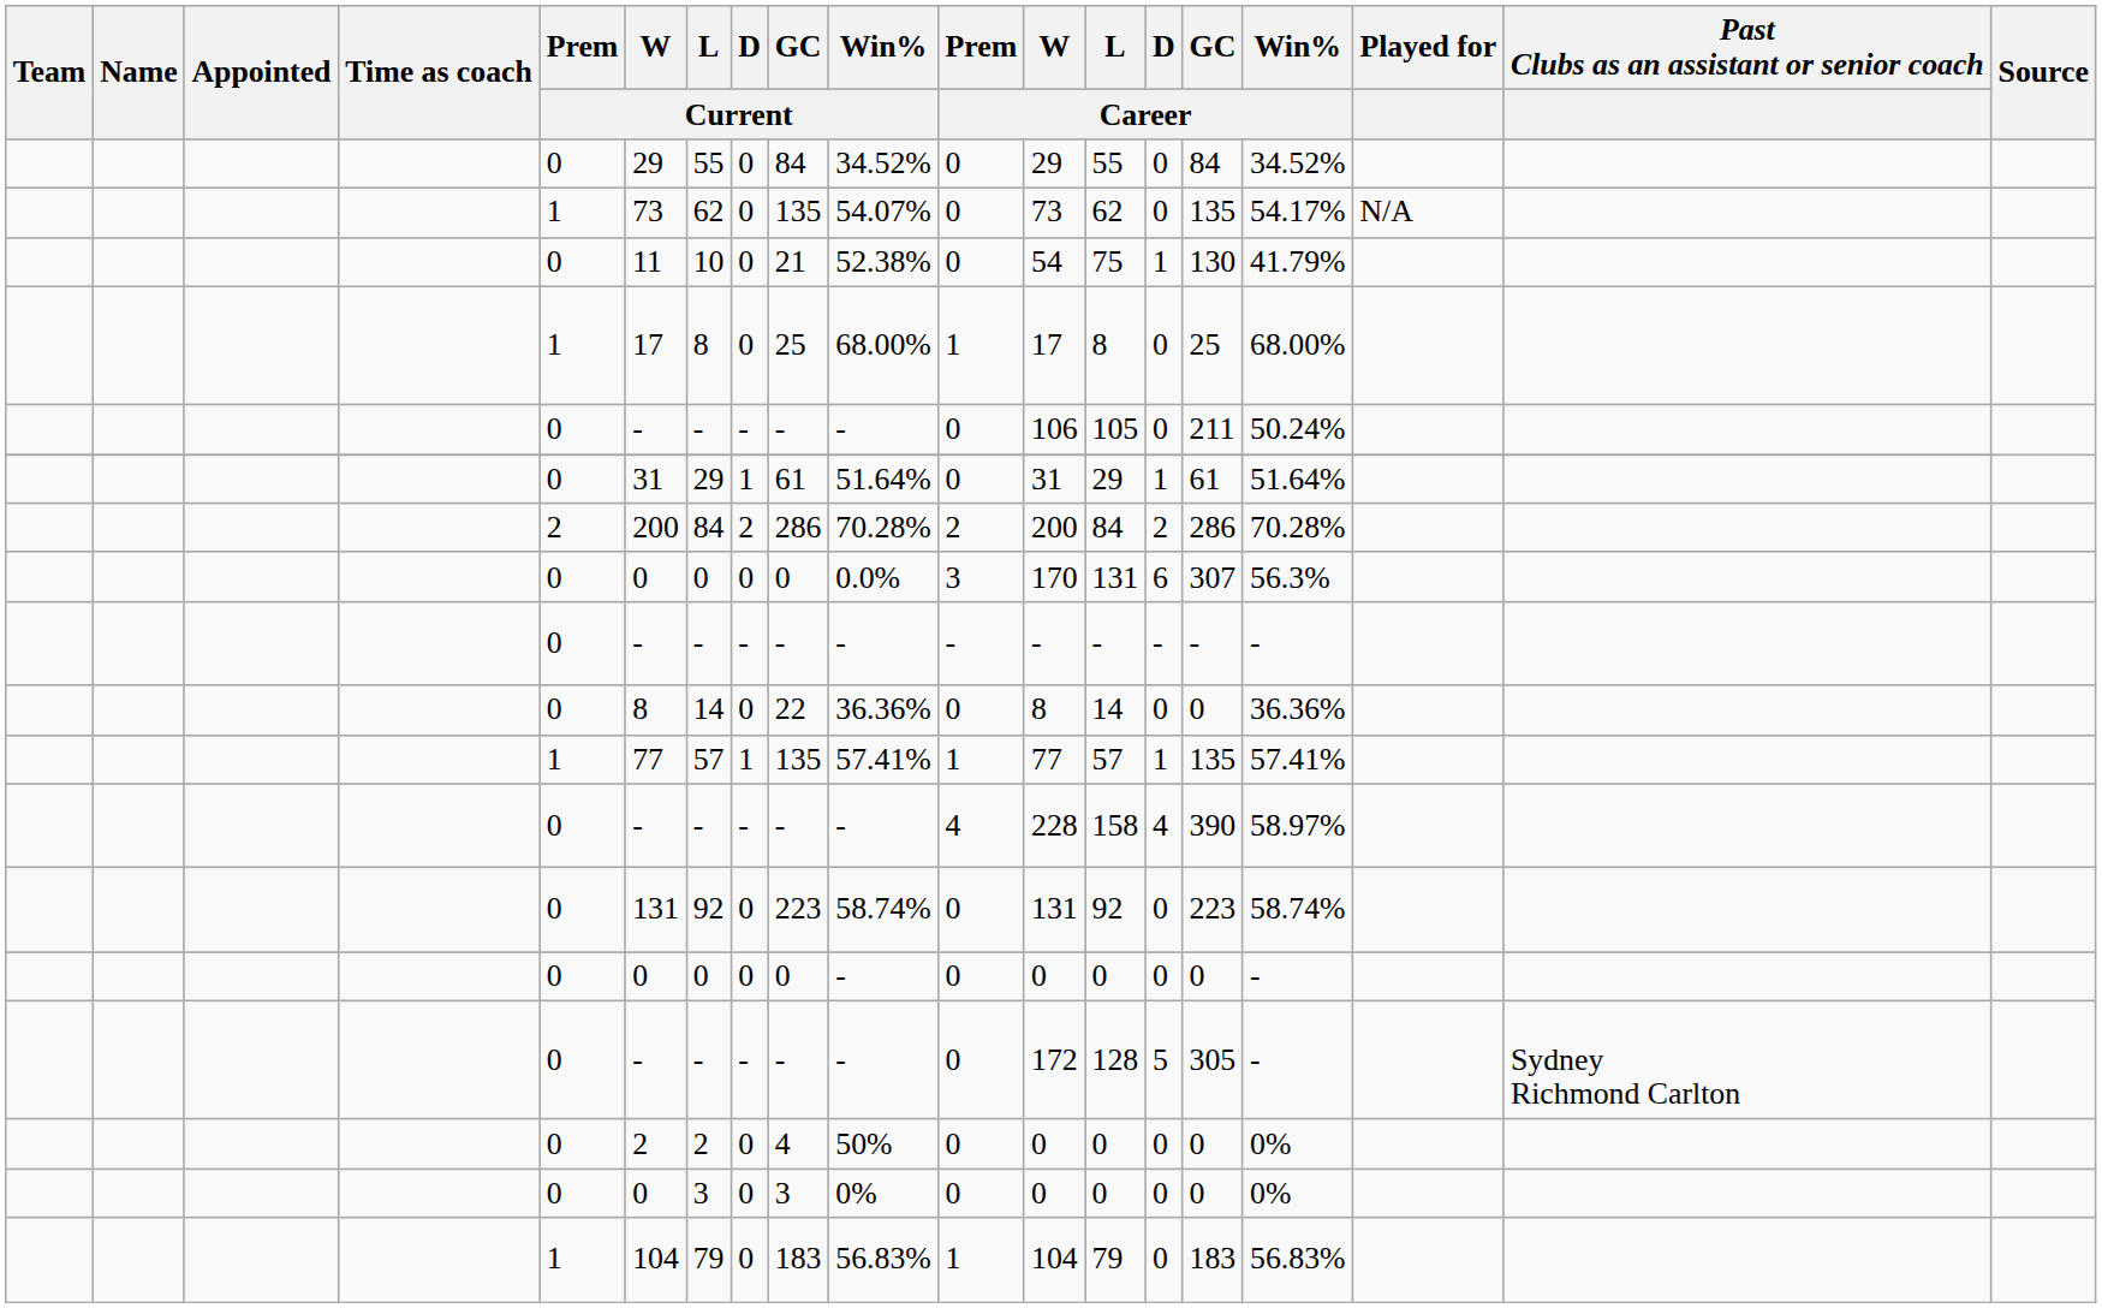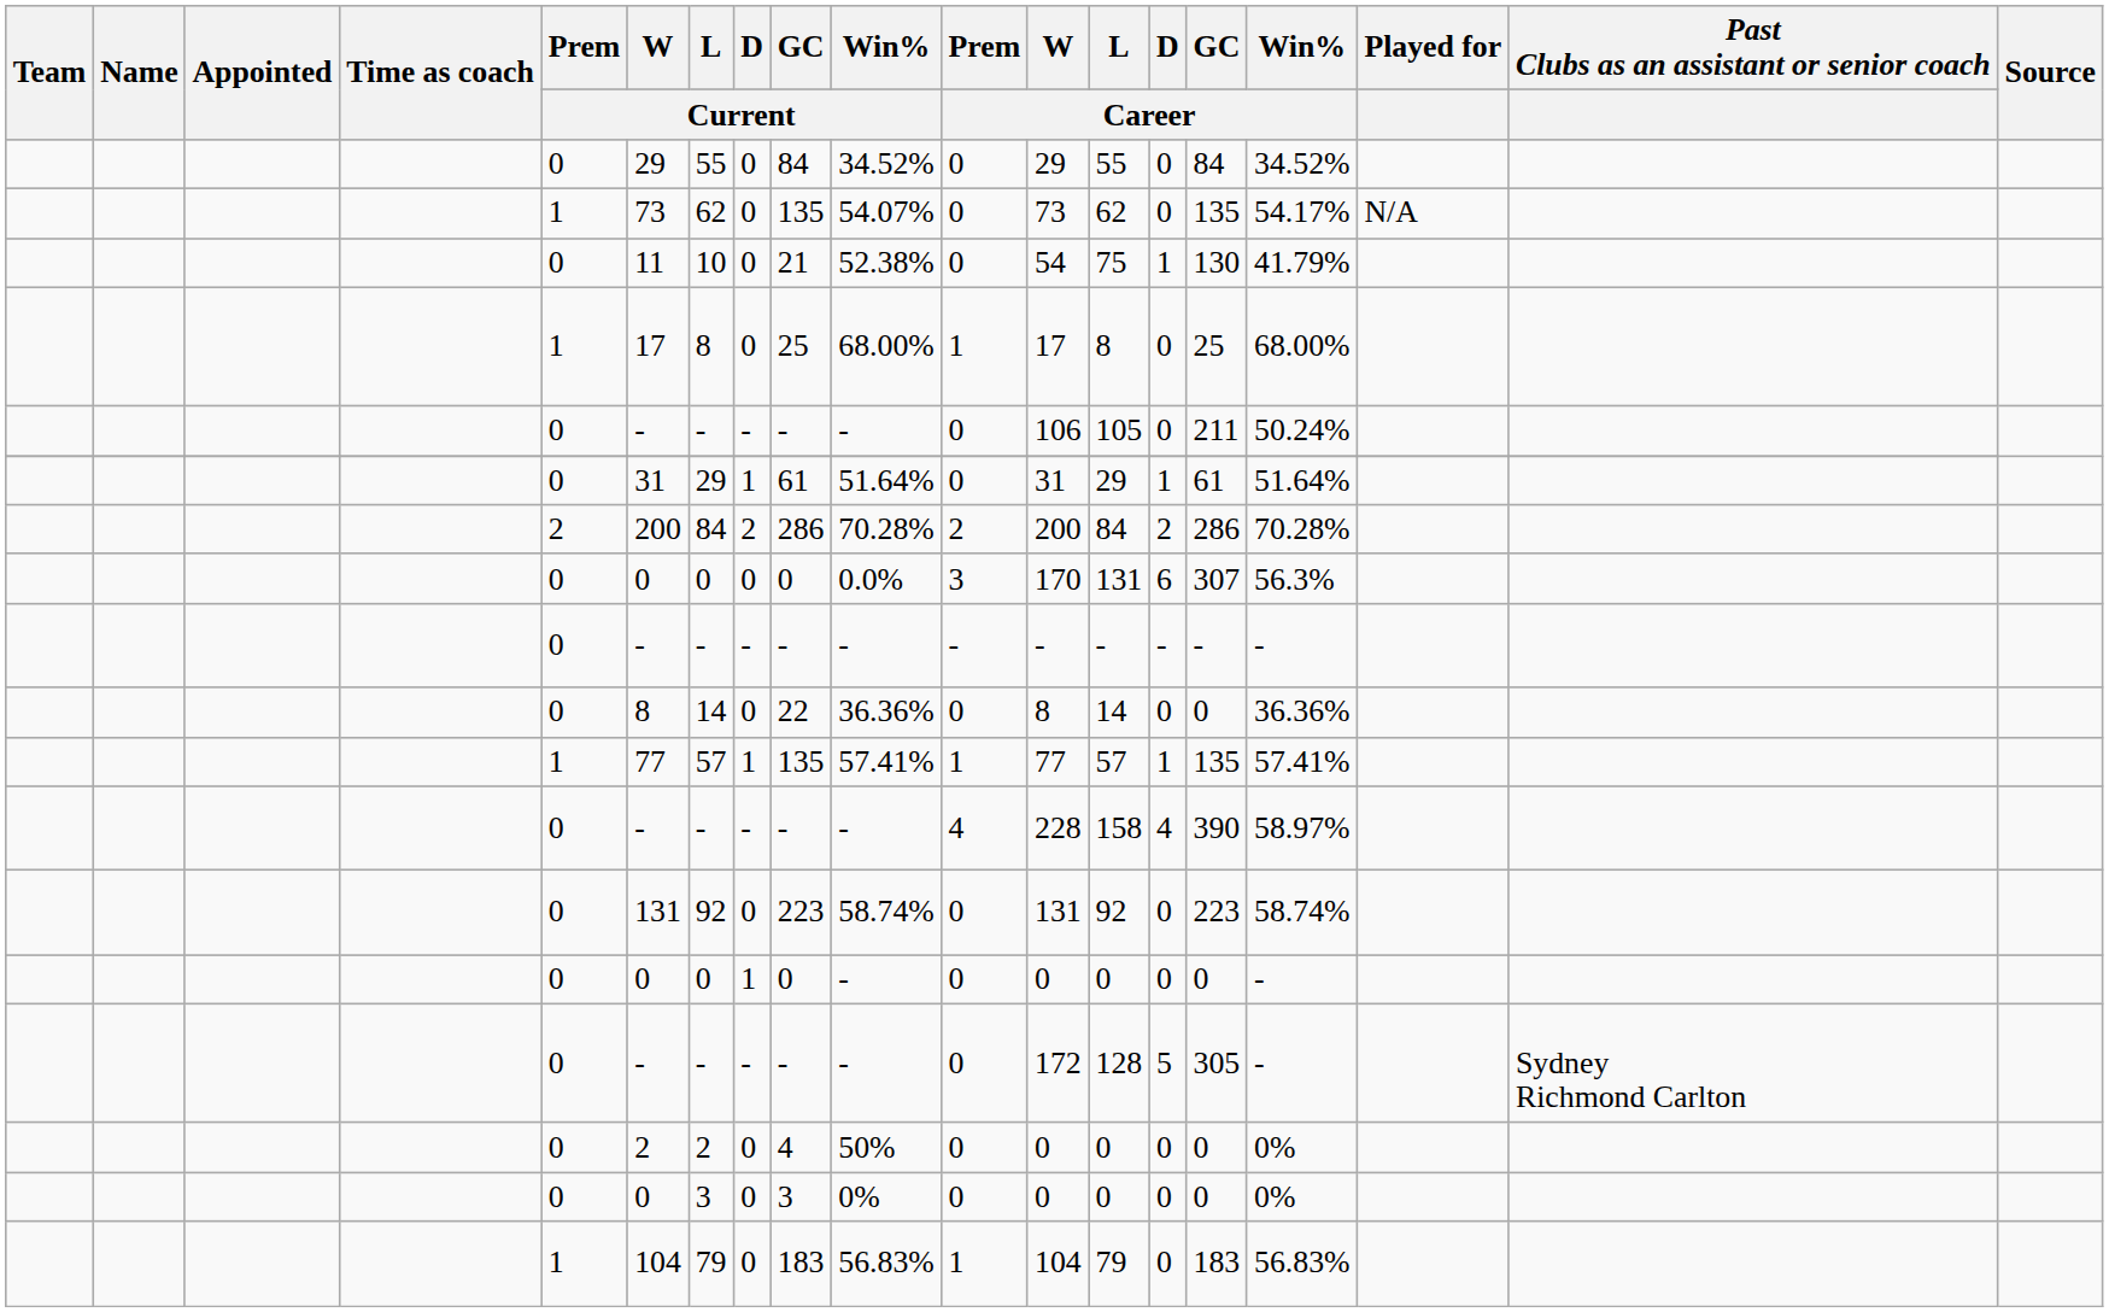 <table class="wikitable sortable">
 <tr>
 <th scope="col" rowspan=2>Team</th>
 <th scope="col" rowspan=2>Name</th>
 <th scope="col" rowspan=2>Appointed</th>
 <th scope="col" rowspan=2>Time as coach</th>
 <th scope="col">Prem</th>
 <th scope="col">W</th>
 <th scope="col">L</th>
 <th scope="col">D</th>
 <th scope="col">GC</th>
 <th scope="col">Win%</th>
 <th scope="col">Prem</th>
 <th scope="col">W</th>
 <th scope="col">L</th>
 <th scope="col">D</th>
 <th scope="col">GC</th>
 <th scope="col">Win%</th>
 <th>Played for</th>
 <th><strong><em>Past</em></strong><br><strong><em>Clubs as an assistant or senior coach</em></strong></th>
 <th scope="col" rowspan=2 class="unsortable">Source</th>
 </tr>
 <tr class="unsortable">
 <th scope="col" colspan="6">Current</th>
 <th scope="col" colspan="6">Career</th>
 <th></th>
 <th></th>
 </tr>
 <tr>
 <td></td>
 <td></td>
 <td></td>
 <td></td>
 <td>0</td>
 <td>29</td>
 <td>55</td>
 <td>0</td>
 <td>84</td>
 <td>34.52%</td>
 <td>0</td>
 <td>29</td>
 <td>55</td>
 <td>0</td>
 <td>84</td>
 <td>34.52%</td>
 <td></td>
 <td><br></td>
 <td></td>
 </tr>
 <tr>
 <td></td>
 <td></td>
 <td></td>
 <td></td>
 <td>1</td>
 <td>73</td>
 <td>62</td>
 <td>0</td>
 <td>135</td>
 <td>54.07%</td>
 <td>0</td>
 <td>73</td>
 <td>62</td>
 <td>0</td>
 <td>135</td>
 <td>54.17%</td>
 <td>N/A</td>
 <td><br></td>
 <td></td>
 </tr>
 <tr>
 <td></td>
 <td></td>
 <td></td>
 <td></td>
 <td>0</td>
 <td>11</td>
 <td>10</td>
 <td>0</td>
 <td>21</td>
 <td>52.38%</td>
 <td>0</td>
 <td>54</td>
 <td>75</td>
 <td>1</td>
 <td>130</td>
 <td>41.79%</td>
 <td><br></td>
 <td><br></td>
 <td></td>
 </tr>
 <tr>
 <td></td>
 <td></td>
 <td></td>
 <td></td>
 <td>1</td>
 <td>17</td>
 <td>8</td>
 <td>0</td>
 <td>25</td>
 <td>68.00%</td>
 <td>1</td>
 <td>17</td>
 <td>8</td>
 <td>0</td>
 <td>25</td>
 <td>68.00%</td>
 <td><br></td>
 <td><br><br><br></td>
 <td></td>
 </tr>
 <tr>
 <td></td>
 <td></td>
 <td></td>
 <td></td>
 <td>0</td>
 <td>-</td>
 <td>-</td>
 <td>-</td>
 <td>-</td>
 <td>-</td>
 <td>0</td>
 <td>106</td>
 <td>105</td>
 <td>0</td>
 <td>211</td>
 <td>50.24%</td>
 <td><br></td>
 <td><br></td>
 </tr>
 <tr>
 </tr>
 <tr>
 <td></td>
 <td></td>
 <td></td>
 <td></td>
 <td>0</td>
 <td>31</td>
 <td>29</td>
 <td>1</td>
 <td>61</td>
 <td>51.64%</td>
 <td>0</td>
 <td>31</td>
 <td>29</td>
 <td>1</td>
 <td>61</td>
 <td>51.64%</td>
 <td></td>
 <td><br></td>
 <td></td>
 </tr>
 <tr>
 <td></td>
 <td></td>
 <td></td>
 <td></td>
 <td>2</td>
 <td>200</td>
 <td>84</td>
 <td>2</td>
 <td>286</td>
 <td>70.28%</td>
 <td>2</td>
 <td>200</td>
 <td>84</td>
 <td>2</td>
 <td>286</td>
 <td>70.28%</td>
 <td><br></td>
 <td></td>
 <td></td>
 </tr>
 <tr>
 <td></td>
 <td></td>
 <td></td>
 <td></td>
 <td>0</td>
 <td>0</td>
 <td>0</td>
 <td>0</td>
 <td>0</td>
 <td>0.0%</td>
 <td>3</td>
 <td>170</td>
 <td>131</td>
 <td>6</td>
 <td>307</td>
 <td>56.3%</td>
 <td><br></td>
 <td></td>
 <td></td>
 </tr>
 <tr>
 <td></td>
 <td></td>
 <td></td>
 <td></td>
 <td>0</td>
 <td>-</td>
 <td>-</td>
 <td>-</td>
 <td>-</td>
 <td>-</td>
 <td>-</td>
 <td>-</td>
 <td>-</td>
 <td>-</td>
 <td>-</td>
 <td>-</td>
 <td></td>
 <td><br><br></td>
 <td></td>
 </tr>
 <tr>
 <td></td>
 <td></td>
 <td></td>
 <td></td>
 <td>0</td>
 <td>8</td>
 <td>14</td>
 <td>0</td>
 <td>22</td>
 <td>36.36%</td>
 <td>0</td>
 <td>8</td>
 <td>14</td>
 <td>0</td>
 <td>0</td>
 <td>36.36%</td>
 <td><br></td>
 <td><br></td>
 <td></td>
 </tr>
 <tr>
 <td></td>
 <td></td>
 <td></td>
 <td></td>
 <td>1</td>
 <td>77</td>
 <td>57</td>
 <td>1</td>
 <td>135</td>
 <td>57.41%</td>
 <td>1</td>
 <td>77</td>
 <td>57</td>
 <td>1</td>
 <td>135</td>
 <td>57.41%</td>
 <td></td>
 <td></td>
 <td></td>
 </tr>
 <tr>
 <td></td>
 <td></td>
 <td></td>
 <td></td>
 <td>0</td>
 <td>-</td>
 <td>-</td>
 <td>-</td>
 <td>-</td>
 <td>-</td>
 <td>4</td>
 <td>228</td>
 <td>158</td>
 <td>4</td>
 <td>390</td>
 <td>58.97%</td>
 <td><br></td>
 <td><br><br></td>
 <td></td>
 </tr>
 <tr>
 <td></td>
 <td></td>
 <td></td>
 <td></td>
 <td>0</td>
 <td>131</td>
 <td>92</td>
 <td>0</td>
 <td>223</td>
 <td>58.74%</td>
 <td>0</td>
 <td>131</td>
 <td>92</td>
 <td>0</td>
 <td>223</td>
 <td>58.74%</td>
 <td><br></td>
 <td><br><br></td>
 <td></td>
 </tr>
 <tr>
 <td></td>
 <td></td>
 <td></td>
 <td></td>
 <td>0</td>
 <td>0</td>
 <td>0</td>
-<td>0</td>
+<td>1</td>
 <td>0</td>
 <td>-</td>
 <td>0</td>
 <td>0</td>
 <td>0</td>
 <td>0</td>
 <td>0</td>
 <td>-</td>
 <td></td>
 <td><br></td>
 </tr>
 <tr>
 <td></td>
 <td></td>
 <td></td>
 <td></td>
 <td>0</td>
 <td>-</td>
 <td>-</td>
 <td>-</td>
 <td>-</td>
 <td>-</td>
 <td>0</td>
 <td>172</td>
 <td>128</td>
 <td>5</td>
 <td>305</td>
 <td>-</td>
 <td><br></td>
 <td><br>Sydney<br>Richmond Carlton</td>
 <td></td>
 </tr>
 <tr>
 <td></td>
 <td></td>
 <td></td>
 <td></td>
 <td>0</td>
 <td>2</td>
 <td>2</td>
 <td>0</td>
 <td>4</td>
 <td>50%</td>
 <td>0</td>
 <td>0</td>
 <td>0</td>
 <td>0</td>
 <td>0</td>
 <td>0%</td>
 <td></td>
 <td></td>
 <td></td>
 </tr>
 <tr>
 <td></td>
 <td></td>
 <td></td>
 <td></td>
 <td>0</td>
 <td>0</td>
 <td>3</td>
 <td>0</td>
 <td>3</td>
 <td>0%</td>
 <td>0</td>
 <td>0</td>
 <td>0</td>
 <td>0</td>
 <td>0</td>
 <td>0%</td>
 <td> </td>
 <td></td>
 <td></td>
 </tr>
 <tr>
 <td></td>
 <td></td>
 <td></td>
 <td></td>
 <td>1</td>
 <td>104</td>
 <td>79</td>
 <td>0</td>
 <td>183</td>
 <td>56.83%</td>
 <td>1</td>
 <td>104</td>
 <td>79</td>
 <td>0</td>
 <td>183</td>
 <td>56.83%</td>
 <td><br><br></td>
 <td><br></td>
 <td></td>
 </tr>
 </table>
